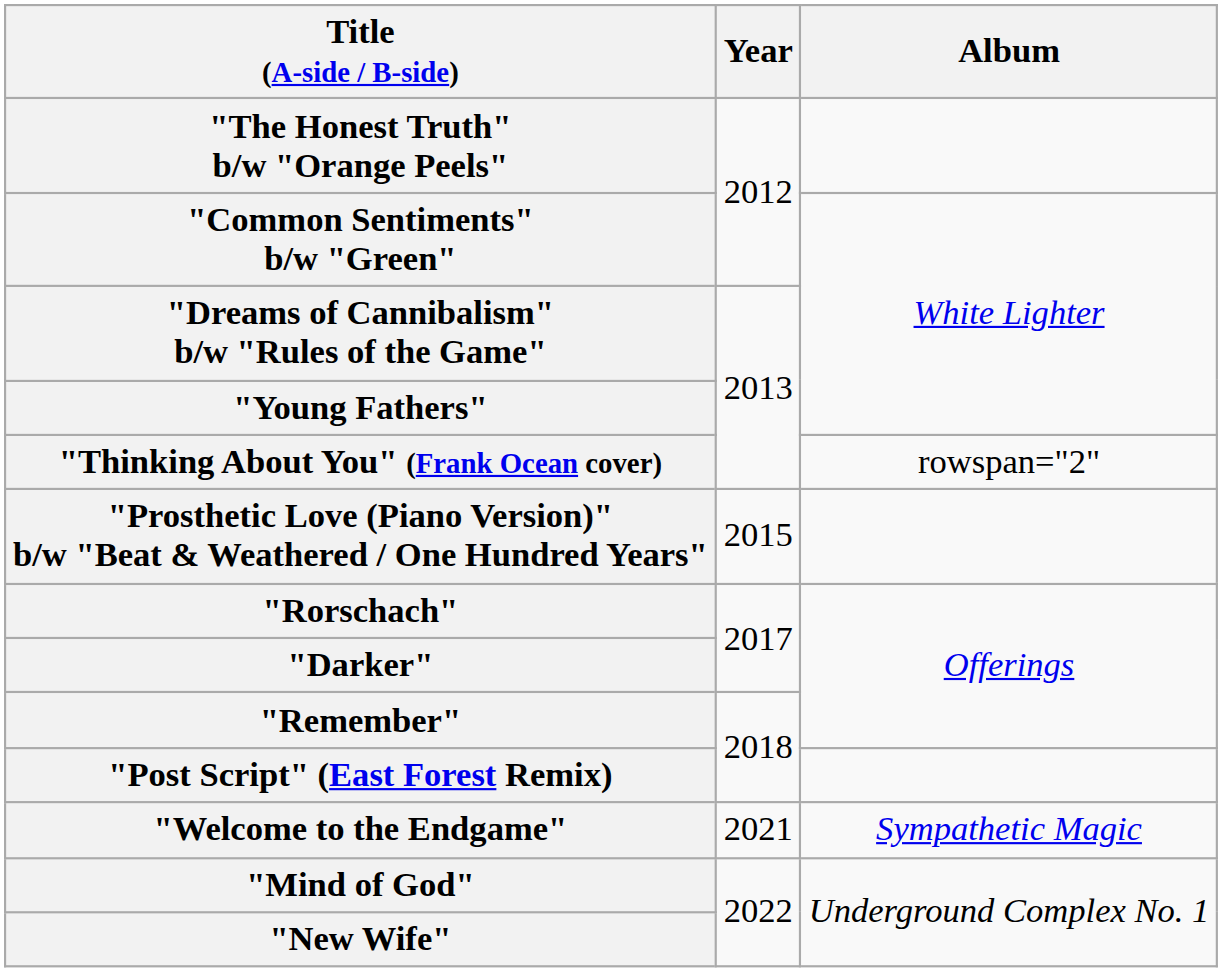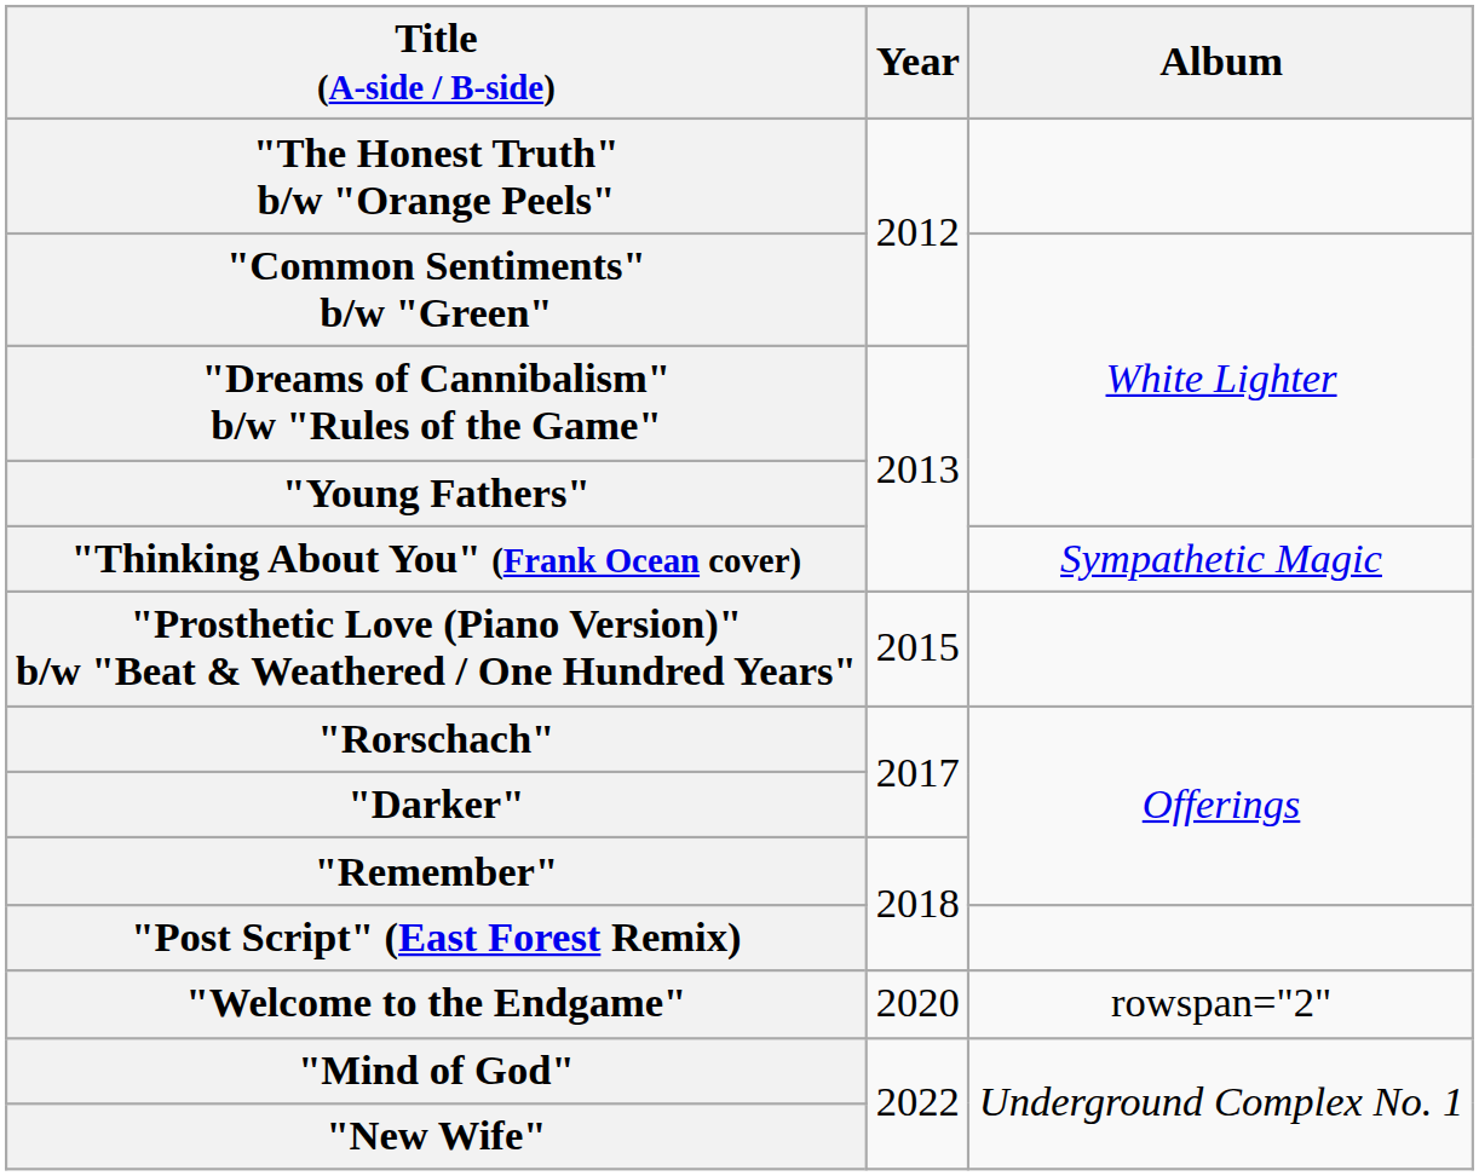 <table class="wikitable plainrowheaders" style="text-align:center;">
 <tr>
 <th scope="col">Title<br><small>(<a href='#'>A-side / B-side</a>)</small></th>
 <th scope="col">Year</th>
 <th scope="col">Album</th>
 </tr>
 <tr>
 <th scope="row">"The Honest Truth"<br>b/w "Orange Peels"</th>
 <td rowspan="2">2012</td>
 <td></td>
 </tr>
 <tr>
 <th scope="row">"Common Sentiments"<br>b/w "Green"</th>
 <td rowspan="3"><em><a href='#'>White Lighter</a></em></td>
 </tr>
 <tr>
 <th scope="row">"Dreams of Cannibalism"<br>b/w "Rules of the Game"</th>
 <td rowspan="3">2013</td>
 </tr>
 <tr>
 <th scope="row">"Young Fathers"</th>
 </tr>
 <tr>
 <th scope="row">"Thinking About You" <small>(<a href='#'>Frank Ocean</a> cover)</small></th>
-<td>rowspan="2" </td>
+<td><em><a href='#'>Sympathetic Magic</a></em></td>
 </tr>
 <tr>
 <th scope="row">"Prosthetic Love (Piano Version)"<br>b/w "Beat & Weathered / One Hundred Years"</th>
 <td>2015</td>
 </tr>
 <tr>
 <th scope="row">"Rorschach"</th>
 <td rowspan="2">2017</td>
 <td rowspan="3"><em><a href='#'>Offerings</a></em></td>
 </tr>
 <tr>
 <th scope="row">"Darker"</th>
 </tr>
 <tr>
 <th scope="row">"Remember"</th>
 <td rowspan="2">2018</td>
 </tr>
 <tr>
 <th scope="row">"Post Script" (<a href='#'>East Forest</a> Remix)</th>
 <td></td>
 </tr>
 <tr>
 <th scope="row">"Welcome to the Endgame"</th>
-<td>2021</td>
-<td><em><a href='#'>Sympathetic Magic</a></em></td>
+<td>2020</td>
+<td>rowspan="2" </td>
 </tr>
 <tr>
 <th scope="row">"Mind of God"</th>
 <td rowspan="2">2022</td>
 <td rowspan="2"><em>Underground Complex No. 1</em></td>
 </tr>
 <tr>
 <th scope="row">"New Wife"</th>
 </tr>
 </table>
